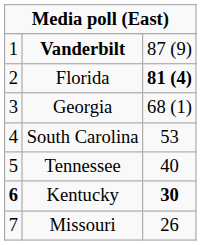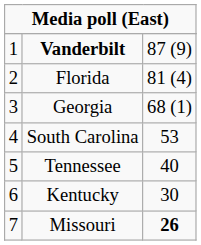 <table class="wikitable">
 <tr align="center"a>
 <td align="center" Colspan="3"><strong>Media poll (East)</strong></td>
 </tr>
 <tr align="center">
 </tr>
 <tr align="center">
 <td>1</td>
 <td><strong>Vanderbilt</strong></td>
 <td>87 (9)</td>
 </tr>
 <tr align="center">
 <td>2</td>
 <td>Florida</td>
-<td><strong>81 (4)</strong></td>
+<td>81 (4)</td>
 </tr>
 <tr align="center">
 <td>3</td>
 <td>Georgia</td>
 <td>68 (1)</td>
 </tr>
 <tr align="center">
 <td>4</td>
 <td>South Carolina</td>
 <td>53</td>
 </tr>
 <tr align="center">
 <td>5</td>
 <td>Tennessee</td>
 <td>40</td>
 </tr>
 <tr align="center">
-<td><strong>6</strong></td>
+<td>6</td>
 <td>Kentucky</td>
-<td><strong>30</strong></td>
+<td>30</td>
 </tr>
 <tr align="center">
 <td>7</td>
 <td>Missouri</td>
-<td>26</td>
+<td><strong>26</strong></td>
 </tr>
 </table>
